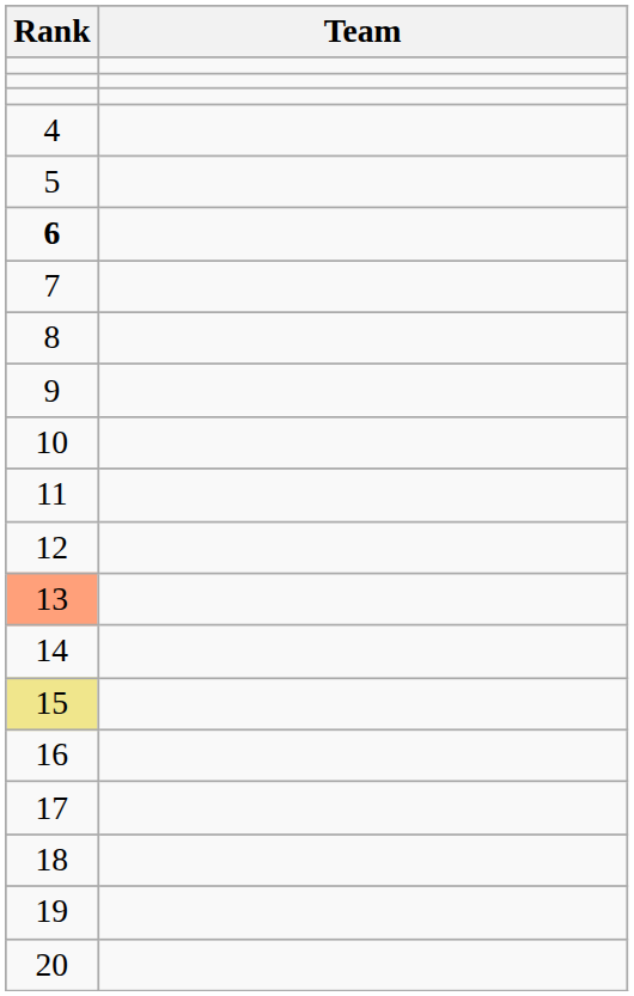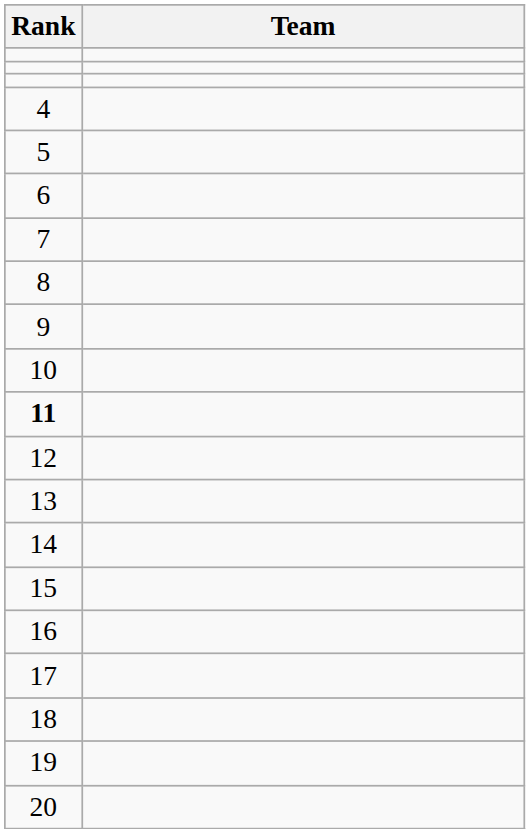 <table class="wikitable" style="text-align: center;">
 <tr>
 <th width=>Rank</th>
 <th width=250>Team</th>
 </tr>
 <tr>
 <td></td>
 <td align="left"></td>
 </tr>
 <tr>
 <td></td>
 <td align="left"></td>
 </tr>
 <tr>
 <td></td>
 <td align="left"></td>
 </tr>
 <tr>
 <td>4</td>
 <td align="left"></td>
 </tr>
 <tr>
 <td>5</td>
 <td align="left"></td>
 </tr>
 <tr>
-<td><strong>6</strong></td>
+<td>6</td>
 <td align="left"></td>
 </tr>
 <tr>
 <td>7</td>
 <td align="left"></td>
 </tr>
 <tr>
 <td>8</td>
 <td align="left"></td>
 </tr>
 <tr>
 <td>9</td>
 <td align="left"></td>
 </tr>
 <tr>
 <td>10</td>
 <td align="left"></td>
 </tr>
 <tr>
-<td>11</td>
+<td><strong>11</strong></td>
 <td align="left"></td>
 </tr>
 <tr>
 <td>12</td>
 <td align="left"></td>
 </tr>
 <tr>
-<td style="background: lightsalmon;">13</td>
+<td>13</td>
 <td align="left"></td>
 </tr>
 <tr>
 <td>14</td>
 <td align="left"></td>
 </tr>
 <tr>
-<td style="background: khaki;">15</td>
+<td>15</td>
 <td align="left"></td>
 </tr>
 <tr>
 <td>16</td>
 <td align="left"></td>
 </tr>
 <tr>
 <td>17</td>
 <td align="left"></td>
 </tr>
 <tr>
 <td>18</td>
 <td align="left"></td>
 </tr>
 <tr>
 <td>19</td>
 <td align="left"></td>
 </tr>
 <tr>
 <td>20</td>
 <td align="left"></td>
 </tr>
 <tr>
 </tr>
 </table>
